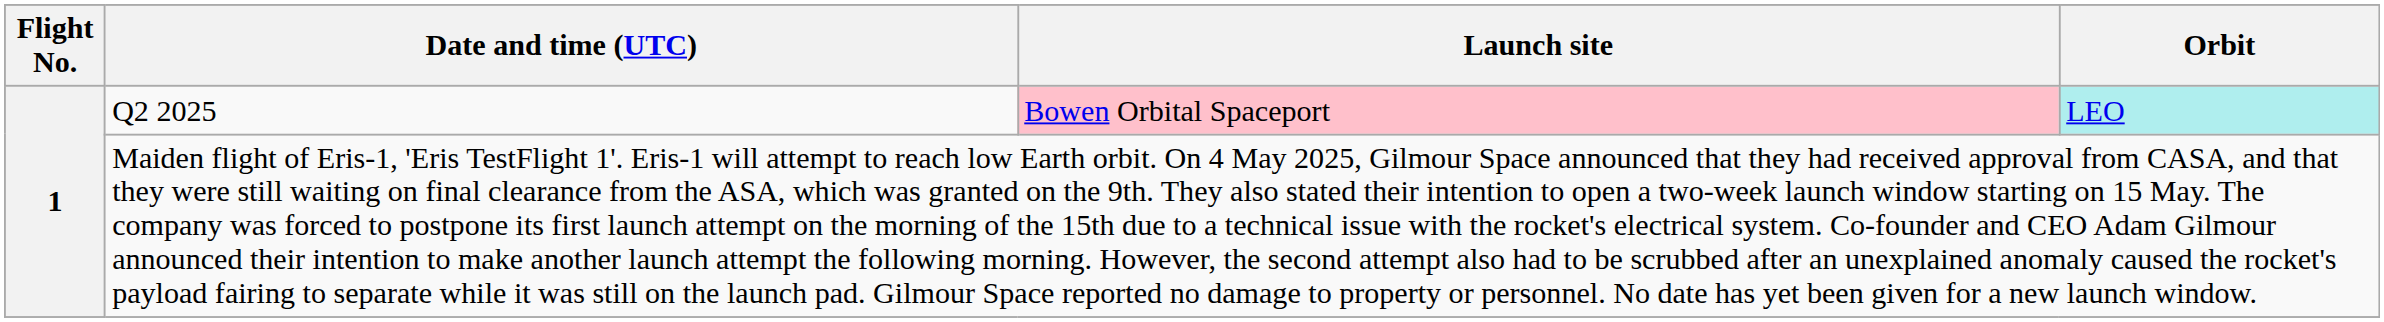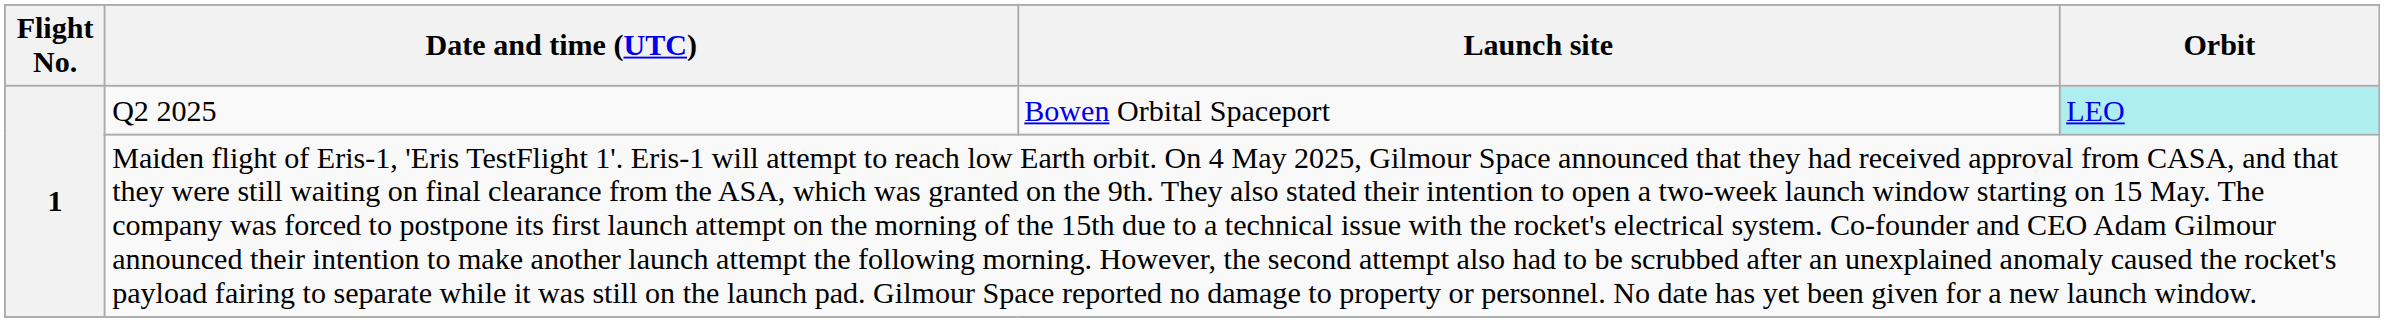 <table class="wikitable plainrowheaders collapsible sticky-header" id="2025ytd" style="width: 100%;">
 <tr>
 <th scope="col">Flight No.</th>
 <th>Date and time (<a href='#'>UTC</a>)</th>
 <th>Launch site</th>
 <th>Orbit</th>
 </tr>
 <tr>
 <th rowspan="2" scope="row" style="text-align:center;">1</th>
 <td>Q2 2025<br></td>
-<td style="background: pink;"><a href='#'>Bowen</a> Orbital Spaceport</td>
+<td><a href='#'>Bowen</a> Orbital Spaceport</td>
 <td None style="background: paleturquoise;"><a href='#'>LEO</a></td>
 </tr>
 <tr>
 <td colspan="6">Maiden flight of Eris-1, 'Eris TestFlight 1'. Eris-1 will attempt to reach low Earth orbit. On 4 May 2025, Gilmour Space announced that they had received approval from CASA, and that they were still waiting on final clearance from the ASA, which was granted on the 9th. They also stated their intention to open a two-week launch window starting on 15 May. The company was forced to postpone its first launch attempt on the morning of the 15th due to a technical issue with the rocket's electrical system. Co-founder and CEO Adam Gilmour announced their intention to make another launch attempt the following morning. However, the second attempt also had to be scrubbed after an unexplained anomaly caused the rocket's payload fairing to separate while it was still on the launch pad. Gilmour Space reported no damage to property or personnel. No date has yet been given for a new launch window.</td>
 </tr>
 </table>
